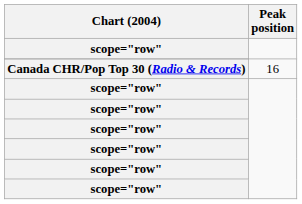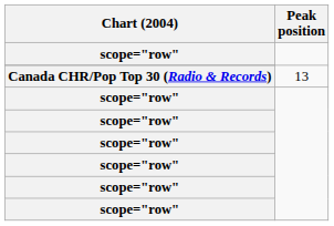 <table class="wikitable sortable plainrowheaders" style="text-align:center">
 <tr>
 <th scope="col">Chart (2004)</th>
 <th scope="col">Peak<br>position</th>
 </tr>
 <tr>
 <th>scope="row" </th>
 </tr>
 <tr>
 </tr>
 <tr>
 <th scope="row">Canada CHR/Pop Top 30 (<em><a href='#'>Radio & Records</a></em>)</th>
-<td>16</td>
+<td>13</td>
 </tr>
 <tr>
 <th>scope="row" </th>
 </tr>
 <tr>
 <th>scope="row" </th>
 </tr>
 <tr>
 <th>scope="row" </th>
 </tr>
 <tr>
 <th>scope="row" </th>
 </tr>
 <tr>
 <th>scope="row" </th>
 </tr>
 <tr>
 <th>scope="row" </th>
 </tr>
 </table>
